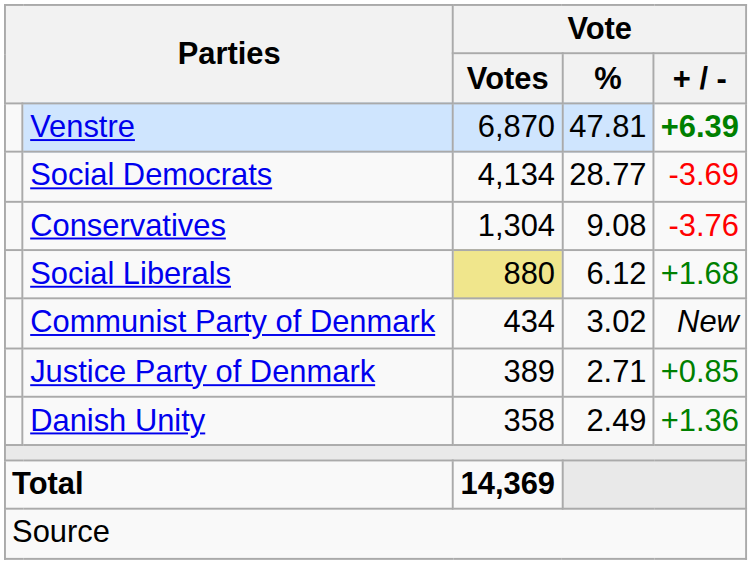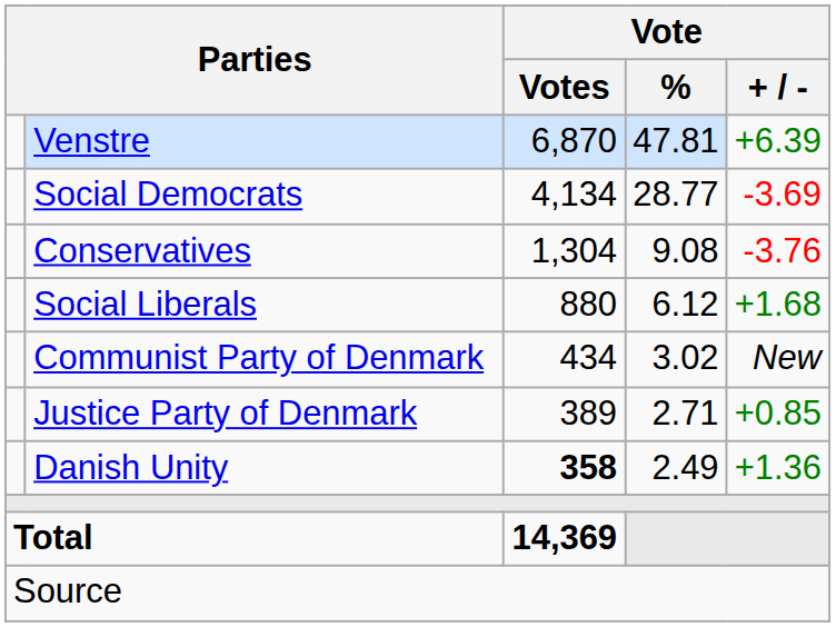 <table class="wikitable" style="text-align:right;">
 <tr>
 <th style="text-align:centre;" rowspan="2" colspan="2" width="225">Parties</th>
 <th colspan="3">Vote</th>
 </tr>
 <tr>
 <th width="15">Votes</th>
 <th width="15">%</th>
 <th width="15">+ / -</th>
 </tr>
 <tr>
 <td width="2" style="color:inherit;background:"></td>
 <td bgcolor=#cfe5fe  align="left"><a href='#'>Venstre</a></td>
 <td bgcolor=#cfe5fe>6,870</td>
 <td bgcolor=#cfe5fe>47.81</td>
-<td style=color:green;><strong>+6.39</strong></td>
+<td style=color:green;>+6.39</td>
 </tr>
 <tr>
 <td width="2" style="color:inherit;background:"></td>
 <td align="left"><a href='#'>Social Democrats</a></td>
 <td>4,134</td>
 <td>28.77</td>
 <td style=color:red;>-3.69</td>
 </tr>
 <tr>
 <td width="2" style="color:inherit;background:"></td>
 <td align="left"><a href='#'>Conservatives</a></td>
 <td>1,304</td>
 <td>9.08</td>
 <td style=color:red;>-3.76</td>
 </tr>
 <tr>
 <td width="2" style="color:inherit;background:"></td>
 <td align="left"><a href='#'>Social Liberals</a></td>
-<td style="background: khaki;">880</td>
+<td>880</td>
 <td>6.12</td>
 <td style=color:green;>+1.68</td>
 </tr>
 <tr>
 <td width="2" style="color:inherit;background:"></td>
 <td align="left"><a href='#'>Communist Party of Denmark</a></td>
 <td>434</td>
 <td>3.02</td>
 <td><em>New</em></td>
 </tr>
 <tr>
 <td width="2" style="color:inherit;background:"></td>
 <td align="left"><a href='#'>Justice Party of Denmark</a></td>
 <td>389</td>
 <td>2.71</td>
 <td style=color:green;>+0.85</td>
 </tr>
 <tr>
 <td width="2" style="color:inherit;background:"></td>
 <td align="left"><a href='#'>Danish Unity</a></td>
-<td>358</td>
+<td><strong>358</strong></td>
 <td>2.49</td>
 <td style=color:green;>+1.36</td>
 </tr>
 <tr>
 <td colspan="7" bgcolor="#E9E9E9"></td>
 </tr>
 <tr>
 <td align="left" colspan="2"><strong>Total</strong></td>
 <td><strong>14,369</strong></td>
 <td bgcolor="#E9E9E9" colspan="2"></td>
 </tr>
 <tr>
 <td align="left" colspan="6">Source</td>
 </tr>
 </table>
